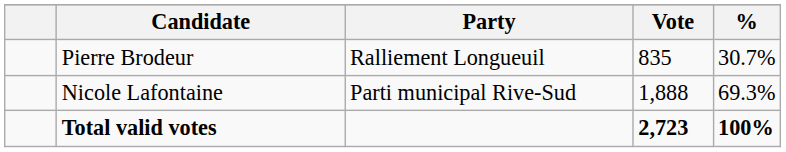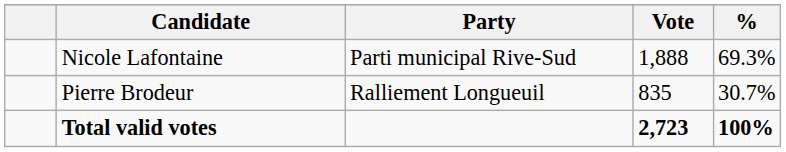 <table class="wikitable">
 <tr>
 </tr>
 <tr>
 <th bgcolor="#DDDDFF" width="30px"></th>
 <th bgcolor="#DDDDFF" width="200px">Candidate</th>
 <th bgcolor="#DDDDFF" width="200px">Party</th>
 <th bgcolor="#DDDDFF" width="50px">Vote</th>
 <th bgcolor="#DDDDFF" width="30px">%</th>
 </tr>
 <tr>
 <td> </td>
+<td>Nicole Lafontaine</td>
+<td>Parti municipal Rive-Sud</td>
+<td>1,888</td>
+<td>69.3%</td>
+</tr>
+<tr>
+<td> </td>
 <td>Pierre Brodeur</td>
 <td>Ralliement Longueuil</td>
 <td>835</td>
 <td>30.7%</td>
-</tr>
-<tr>
-<td> </td>
-<td>Nicole Lafontaine</td>
-<td>Parti municipal Rive-Sud</td>
-<td>1,888</td>
-<td>69.3%</td>
 </tr>
 <tr>
 <td> </td>
 <td><strong>Total valid votes</strong></td>
 <td></td>
 <td><strong>2,723</strong></td>
 <td><strong>100%</strong></td>
 </tr>
 </table>
